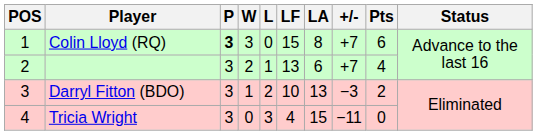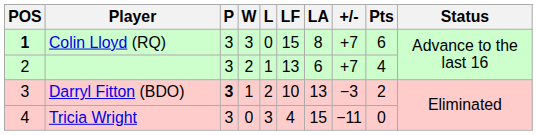 <table class="wikitable" style="text-align:center; margin: 1em auto 1em auto, align:left">
 <tr>
 <th width=20>POS</th>
 <th width=169>Player</th>
 <th width=3>P</th>
 <th width=3>W</th>
 <th width=3>L</th>
 <th width=20>LF</th>
 <th width=20>LA</th>
 <th width=20>+/-</th>
 <th width=20>Pts</th>
 <th width=129>Status</th>
 </tr>
 <tr style="background:#CCFFCC;">
-<td>1</td>
+<td><strong>1</strong></td>
 <td style="text-align:left;"> <a href='#'>Colin Lloyd</a> (RQ)</td>
-<td><strong>3</strong></td>
+<td>3</td>
 <td>3</td>
 <td>0</td>
 <td>15</td>
 <td>8</td>
 <td>+7</td>
 <td>6</td>
 <td rowspan=2>Advance to the last 16</td>
 </tr>
 <tr style="background:#CCFFCC;">
 <td>2</td>
 <td style="text-align:left;"></td>
 <td>3</td>
 <td>2</td>
 <td>1</td>
 <td>13</td>
 <td>6</td>
 <td>+7</td>
 <td>4</td>
 </tr>
 <tr style="background:#FFCCCC;">
 <td>3</td>
 <td style="text-align:left;"> <a href='#'>Darryl Fitton</a> (BDO)</td>
-<td>3</td>
+<td><strong>3</strong></td>
 <td>1</td>
 <td>2</td>
 <td>10</td>
 <td>13</td>
 <td>−3</td>
 <td>2</td>
 <td rowspan=2>Eliminated</td>
 </tr>
 <tr style="background:#FFCCCC;">
 <td>4</td>
 <td style="text-align:left;"> <a href='#'>Tricia Wright</a></td>
 <td>3</td>
 <td>0</td>
 <td>3</td>
 <td>4</td>
 <td>15</td>
 <td>−11</td>
 <td>0</td>
 </tr>
 </table>
